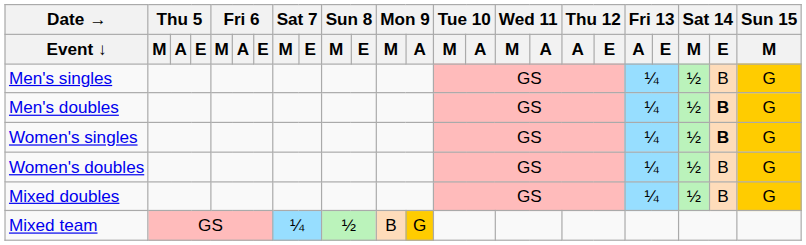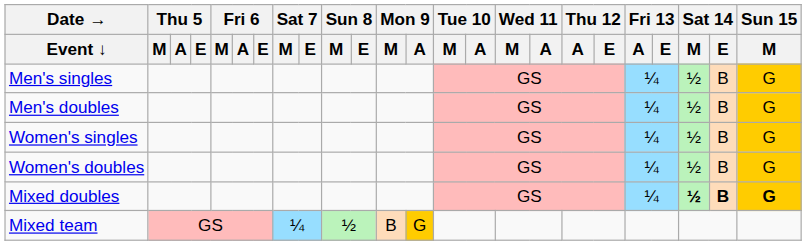 <table class="wikitable" style="margin:0.5em auto; font-size:90%; line-height:1.25em;">
 <tr style="text-align:center;">
 <th>Date →</th>
 <th colspan="3">Thu 5</th>
 <th colspan="3">Fri 6</th>
 <th colspan="2">Sat 7</th>
 <th colspan="2">Sun 8</th>
 <th colspan="2">Mon 9</th>
 <th colspan="2">Tue 10</th>
 <th colspan="2">Wed 11</th>
 <th colspan="2">Thu 12</th>
 <th colspan="2">Fri 13</th>
 <th colspan="2">Sat 14</th>
 <th>Sun 15</th>
 </tr>
 <tr>
 <th>Event   ↓</th>
 <th>M</th>
 <th>A</th>
 <th>E</th>
 <th>M</th>
 <th>A</th>
 <th>E</th>
 <th>M</th>
 <th>E</th>
 <th>M</th>
 <th>E</th>
 <th>M</th>
 <th>A</th>
 <th>M</th>
 <th>A</th>
 <th>M</th>
 <th>A</th>
 <th>A</th>
 <th>E</th>
 <th>A</th>
 <th>E</th>
 <th>M</th>
 <th>E</th>
 <th>M</th>
 </tr>
 <tr style="text-align:center;">
 <td style="text-align:left;"><a href='#'>Men's singles</a></td>
 <td colspan="3"></td>
 <td colspan="3"></td>
 <td colspan="2"></td>
 <td colspan="2"></td>
 <td colspan="2"></td>
 <td colspan="6" style="background-color:#FFBBBB">GS</td>
 <td colspan="2" style="background-color:#97DEFF">¼</td>
 <td style="background-color:#BBF3BB;">½</td>
 <td style="background-color:#FEDCBA;">B</td>
 <td style="background-color:#fc0;">G</td>
 </tr>
 <tr style="text-align:center;">
 <td style="text-align:left;"><a href='#'>Men's doubles</a></td>
 <td colspan="3"></td>
 <td colspan="3"></td>
 <td colspan="2"></td>
 <td colspan="2"></td>
 <td colspan="2"></td>
 <td colspan="6" style="background-color:#FFBBBB">GS</td>
 <td colspan="2" style="background-color:#97DEFF">¼</td>
 <td style="background-color:#BBF3BB;">½</td>
-<td style="background-color:#FEDCBA;"><strong>B</strong></td>
+<td style="background-color:#FEDCBA;">B</td>
 <td style="background-color:#fc0;">G</td>
 </tr>
 <tr style="text-align:center;">
 <td style="text-align:left;"><a href='#'>Women's singles</a></td>
 <td colspan="3"></td>
 <td colspan="3"></td>
 <td colspan="2"></td>
 <td colspan="2"></td>
 <td colspan="2"></td>
 <td colspan="6" style="background-color:#FFBBBB">GS</td>
 <td colspan="2" style="background-color:#97DEFF">¼</td>
 <td style="background-color:#BBF3BB;">½</td>
-<td style="background-color:#FEDCBA;"><strong>B</strong></td>
+<td style="background-color:#FEDCBA;">B</td>
 <td style="background-color:#fc0;">G</td>
 </tr>
 <tr style="text-align:center;">
 <td style="text-align:left;"><a href='#'>Women's doubles</a></td>
 <td colspan="3"></td>
 <td colspan="3"></td>
 <td colspan="2"></td>
 <td colspan="2"></td>
 <td colspan="2"></td>
 <td colspan="6" style="background-color:#FFBBBB">GS</td>
 <td colspan="2" style="background-color:#97DEFF">¼</td>
 <td style="background-color:#BBF3BB;">½</td>
 <td style="background-color:#FEDCBA;">B</td>
 <td style="background-color:#fc0;">G</td>
 </tr>
 <tr style="text-align:center;">
 <td style="text-align:left;"><a href='#'>Mixed doubles</a></td>
 <td colspan="3"></td>
 <td colspan="3"></td>
 <td colspan="2"></td>
 <td colspan="2"></td>
 <td colspan="2"></td>
 <td colspan="6" style="background-color:#FFBBBB">GS</td>
 <td colspan="2" style="background-color:#97DEFF">¼</td>
-<td style="background-color:#BBF3BB;">½</td>
-<td style="background-color:#FEDCBA;">B</td>
-<td style="background-color:#fc0;">G</td>
+<td style="background-color:#BBF3BB;"><strong>½</strong></td>
+<td style="background-color:#FEDCBA;"><strong>B</strong></td>
+<td style="background-color:#fc0;"><strong>G</strong></td>
 </tr>
 <tr style="text-align:center;">
 <td style="text-align:left;"><a href='#'>Mixed team</a></td>
 <td colspan="6" style="background-color:#FFBBBB">GS</td>
 <td colspan="2" style="background-color:#97DEFF;">¼</td>
 <td colspan = 2 style="background-color:#BBF3BB;">½</td>
 <td style="background-color:#FEDCBA;">B</td>
 <td style="background-color:#fc0;">G</td>
 <td colspan="2"></td>
 <td colspan="2"></td>
 <td colspan="2"></td>
 <td colspan="2"></td>
 <td colspan="2"></td>
 <td></td>
 </tr>
 </table>
